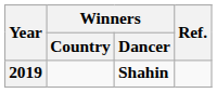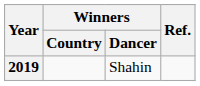 <table class="wikitable sortable plainrowheaders" style="text-align:left; font-size:90%;">
 <tr>
 <th scope="col" rowspan="2">Year</th>
 <th scope="col" colspan="2">Winners</th>
 <th scope="col" class="unsortable" rowspan="2">Ref.</th>
 </tr>
 <tr>
 <th>Country</th>
 <th>Dancer</th>
 </tr>
 <tr>
 <th>2019</th>
 <td></td>
-<td><strong>Shahin</strong></td>
+<td>Shahin</td>
 <td></td>
 </tr>
 </table>
